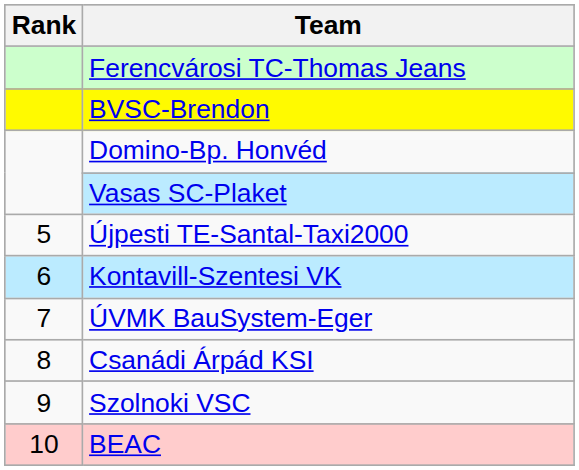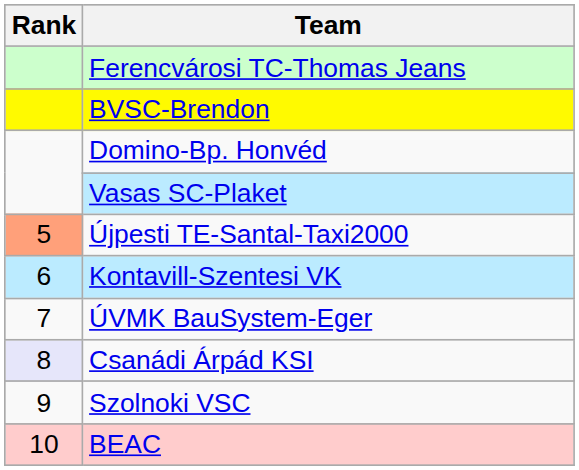 <table class="wikitable">
 <tr>
 <th width=40>Rank</th>
 <th width=290>Team</th>
 </tr>
 <tr bgcolor=#ccffcc>
 <td align="center"></td>
 <td align="left"> <a href='#'>Ferencvárosi TC-Thomas Jeans</a></td>
 </tr>
 <tr bgcolor=#fffa00>
 <td align="center"></td>
 <td align="left"> <a href='#'>BVSC-Brendon</a></td>
 </tr>
 <tr>
 <td rowspan=2 align="center"></td>
 <td align="left"> <a href='#'>Domino-Bp. Honvéd</a></td>
 </tr>
 <tr bgcolor=#bbebff>
 <td align="left"> <a href='#'>Vasas SC-Plaket</a></td>
 </tr>
 <tr>
-<td align="center">5</td>
+<td align="center" style="background: lightsalmon;">5</td>
 <td align="left"> <a href='#'>Újpesti TE-Santal-Taxi2000</a></td>
 </tr>
 <tr bgcolor=#bbebff>
 <td align="center">6</td>
 <td align="left"> <a href='#'>Kontavill-Szentesi VK</a></td>
 </tr>
 <tr>
 <td align="center">7</td>
 <td align="left"> <a href='#'>ÚVMK BauSystem-Eger</a></td>
 </tr>
 <tr>
-<td align="center">8</td>
+<td align="center" style="background: lavender;">8</td>
 <td align="left"> <a href='#'>Csanádi Árpád KSI</a></td>
 </tr>
 <tr>
 <td align="center">9</td>
 <td align="left"> <a href='#'>Szolnoki VSC</a></td>
 </tr>
 <tr bgcolor=#ffcccc>
 <td align="center">10</td>
 <td align="left"> <a href='#'>BEAC</a></td>
 </tr>
 </table>
